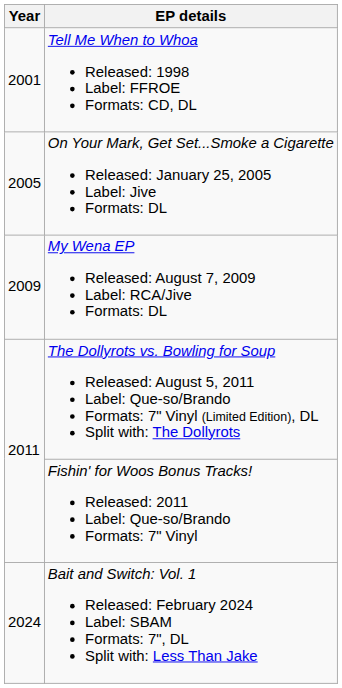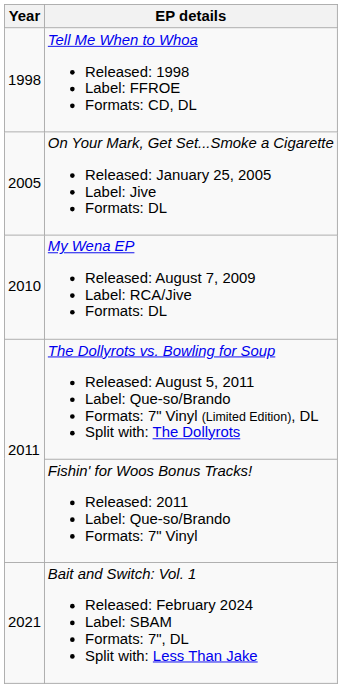 <table class="wikitable" style="white-space:nowrap;">
 <tr>
 <th>Year</th>
 <th style="width:250px;">EP details</th>
 </tr>
 <tr>
-<td>2001</td>
+<td>1998</td>
 <td><em><a href='#'>Tell Me When to Whoa</a></em><br><ul><li>Released: 1998</li><li>Label: FFROE</li><li>Formats: CD, DL</li></ul></td>
 </tr>
 <tr>
 <td>2005</td>
 <td><em>On Your Mark, Get Set...Smoke a Cigarette</em><br><ul><li>Released: January 25, 2005</li><li>Label: Jive</li><li>Formats: DL</li></ul></td>
 </tr>
 <tr>
-<td>2009</td>
+<td>2010</td>
 <td><em><a href='#'>My Wena EP</a></em><br><ul><li>Released: August 7, 2009</li><li>Label: RCA/Jive</li><li>Formats: DL</li></ul></td>
 </tr>
 <tr>
 <td rowspan="2">2011</td>
 <td><em><a href='#'>The Dollyrots vs. Bowling for Soup</a></em><br><ul><li>Released: August 5, 2011</li><li>Label: Que-so/Brando</li><li>Formats: 7" Vinyl <small>(Limited Edition)</small>, DL</li><li>Split with: <a href='#'>The Dollyrots</a></li></ul></td>
 </tr>
 <tr>
 <td><em>Fishin' for Woos Bonus Tracks!</em><br><ul><li>Released: 2011</li><li>Label: Que-so/Brando</li><li>Formats: 7" Vinyl</li></ul></td>
 </tr>
 <tr>
-<td>2024</td>
+<td>2021</td>
 <td><em>Bait and Switch: Vol. 1</em><br><ul><li>Released: February 2024</li><li>Label: SBAM</li><li>Formats: 7", DL</li><li>Split with: <a href='#'>Less Than Jake</a></li></ul></td>
 </tr>
 </table>
